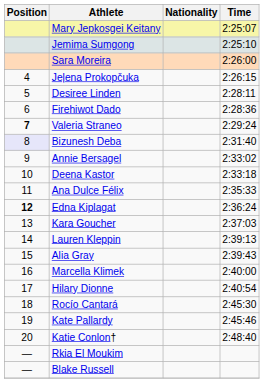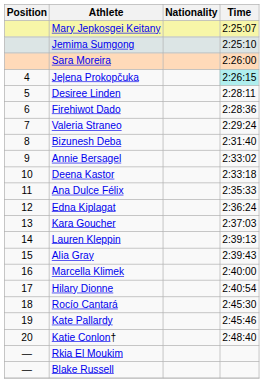 <table class="wikitable sortable">
 <tr>
 <th>Position</th>
 <th>Athlete</th>
 <th>Nationality</th>
 <th>Time</th>
 </tr>
 <tr bgcolor=#F7F6A8>
 <td align=center></td>
 <td><a href='#'>Mary Jepkosgei Keitany</a></td>
 <td></td>
 <td>2:25:07</td>
 </tr>
 <tr bgcolor=#DCE5E5>
 <td align=center></td>
 <td><a href='#'>Jemima Sumgong</a></td>
 <td></td>
 <td>2:25:10</td>
 </tr>
 <tr bgcolor=#FFDAB9>
 <td align=center></td>
 <td><a href='#'>Sara Moreira</a></td>
 <td></td>
 <td>2:26:00</td>
 </tr>
 <tr>
 <td align=center>4</td>
 <td><a href='#'>Jeļena Prokopčuka</a></td>
 <td></td>
-<td>2:26:15</td>
+<td style="background: paleturquoise;">2:26:15</td>
 </tr>
 <tr>
 <td align=center>5</td>
 <td><a href='#'>Desiree Linden</a></td>
 <td></td>
 <td>2:28:11</td>
 </tr>
 <tr>
 <td align=center>6</td>
 <td><a href='#'>Firehiwot Dado</a></td>
 <td></td>
 <td>2:28:36</td>
 </tr>
 <tr>
-<td align=center><strong>7</strong></td>
+<td align=center>7</td>
 <td><a href='#'>Valeria Straneo</a></td>
 <td></td>
 <td>2:29:24</td>
 </tr>
 <tr>
-<td align=center style="background: lavender;">8</td>
+<td align=center>8</td>
 <td><a href='#'>Bizunesh Deba</a></td>
 <td></td>
 <td>2:31:40</td>
 </tr>
 <tr>
 <td align=center>9</td>
 <td><a href='#'>Annie Bersagel</a></td>
 <td></td>
 <td>2:33:02</td>
 </tr>
 <tr>
 <td align=center>10</td>
 <td><a href='#'>Deena Kastor</a></td>
 <td></td>
 <td>2:33:18</td>
 </tr>
 <tr>
 <td align=center>11</td>
 <td><a href='#'>Ana Dulce Félix</a></td>
 <td></td>
 <td>2:35:33</td>
 </tr>
 <tr>
-<td align=center><strong>12</strong></td>
+<td align=center>12</td>
 <td><a href='#'>Edna Kiplagat</a></td>
 <td></td>
 <td>2:36:24</td>
 </tr>
 <tr>
 <td align=center>13</td>
 <td><a href='#'>Kara Goucher</a></td>
 <td></td>
 <td>2:37:03</td>
 </tr>
 <tr>
 <td align=center>14</td>
 <td><a href='#'>Lauren Kleppin</a></td>
 <td></td>
 <td>2:39:13</td>
 </tr>
 <tr>
 <td align=center>15</td>
 <td><a href='#'>Alia Gray</a></td>
 <td></td>
 <td>2:39:43</td>
 </tr>
 <tr>
 <td align=center>16</td>
 <td><a href='#'>Marcella Klimek</a></td>
 <td></td>
 <td>2:40:00</td>
 </tr>
 <tr>
 <td align=center>17</td>
 <td><a href='#'>Hilary Dionne</a></td>
 <td></td>
 <td>2:40:54</td>
 </tr>
 <tr>
 <td align=center>18</td>
 <td><a href='#'>Rocío Cantará</a></td>
 <td></td>
 <td>2:45:30</td>
 </tr>
 <tr>
 <td align=center>19</td>
 <td><a href='#'>Kate Pallardy</a></td>
 <td></td>
 <td>2:45:46</td>
 </tr>
 <tr>
 <td align=center>20</td>
 <td><a href='#'>Katie Conlon</a>†</td>
 <td></td>
 <td>2:48:40</td>
 </tr>
 <tr>
 <td align=center>—</td>
 <td><a href='#'>Rkia El Moukim</a></td>
 <td></td>
 <td> </td>
 </tr>
 <tr>
 <td align=center>—</td>
 <td><a href='#'>Blake Russell</a></td>
 <td></td>
 <td></td>
 </tr>
 <tr>
 </tr>
 </table>
